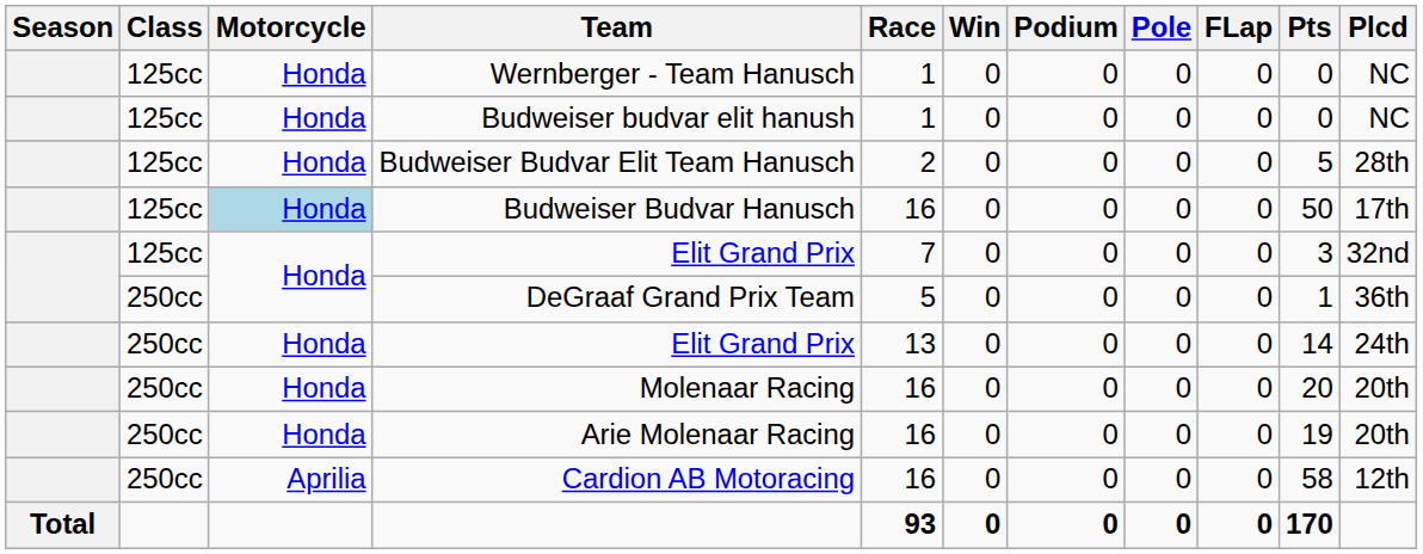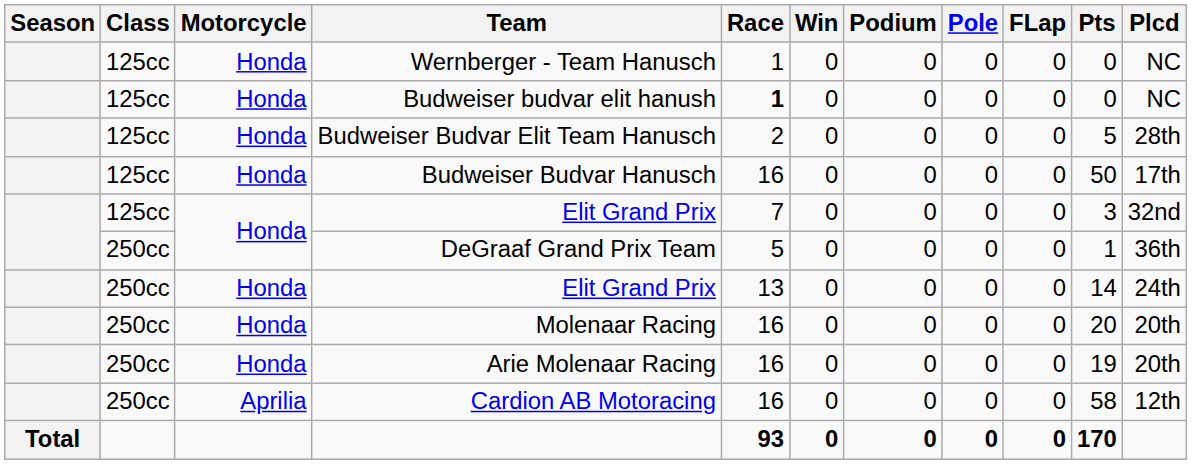 <table class="wikitable">
 <tr>
 <th>Season</th>
 <th>Class</th>
 <th>Motorcycle</th>
 <th>Team</th>
 <th>Race</th>
 <th>Win</th>
 <th>Podium</th>
 <th><a href='#'>Pole</a></th>
 <th>FLap</th>
 <th>Pts</th>
 <th>Plcd</th>
 </tr>
 <tr align="right">
 <th></th>
 <td>125cc</td>
 <td><a href='#'>Honda</a></td>
 <td>Wernberger - Team Hanusch</td>
 <td>1</td>
 <td>0</td>
 <td>0</td>
 <td>0</td>
 <td>0</td>
 <td>0</td>
 <td>NC</td>
 </tr>
 <tr align="right">
 <th></th>
 <td>125cc</td>
 <td><a href='#'>Honda</a></td>
 <td>Budweiser budvar elit hanush</td>
-<td>1</td>
+<td><strong>1</strong></td>
 <td>0</td>
 <td>0</td>
 <td>0</td>
 <td>0</td>
 <td>0</td>
 <td>NC</td>
 </tr>
 <tr align="right">
 <th></th>
 <td>125cc</td>
 <td><a href='#'>Honda</a></td>
 <td>Budweiser Budvar Elit Team Hanusch</td>
 <td>2</td>
 <td>0</td>
 <td>0</td>
 <td>0</td>
 <td>0</td>
 <td>5</td>
 <td>28th</td>
 </tr>
 <tr align="right">
 <th></th>
 <td>125cc</td>
-<td style="background: lightblue;"><a href='#'>Honda</a></td>
+<td><a href='#'>Honda</a></td>
 <td>Budweiser Budvar Hanusch</td>
 <td>16</td>
 <td>0</td>
 <td>0</td>
 <td>0</td>
 <td>0</td>
 <td>50</td>
 <td>17th</td>
 </tr>
 <tr align="right">
 <th rowspan=2></th>
 <td>125cc</td>
 <td rowspan=2><a href='#'>Honda</a></td>
 <td><a href='#'>Elit Grand Prix</a></td>
 <td>7</td>
 <td>0</td>
 <td>0</td>
 <td>0</td>
 <td>0</td>
 <td>3</td>
 <td>32nd</td>
 </tr>
 <tr align="right">
 <td>250cc</td>
 <td>DeGraaf Grand Prix Team</td>
 <td>5</td>
 <td>0</td>
 <td>0</td>
 <td>0</td>
 <td>0</td>
 <td>1</td>
 <td>36th</td>
 </tr>
 <tr align="right">
 <th></th>
 <td>250cc</td>
 <td><a href='#'>Honda</a></td>
 <td><a href='#'>Elit Grand Prix</a></td>
 <td>13</td>
 <td>0</td>
 <td>0</td>
 <td>0</td>
 <td>0</td>
 <td>14</td>
 <td>24th</td>
 </tr>
 <tr align="right">
 <th></th>
 <td>250cc</td>
 <td><a href='#'>Honda</a></td>
 <td>Molenaar Racing</td>
 <td>16</td>
 <td>0</td>
 <td>0</td>
 <td>0</td>
 <td>0</td>
 <td>20</td>
 <td>20th</td>
 </tr>
 <tr align="right">
 <th></th>
 <td>250cc</td>
 <td><a href='#'>Honda</a></td>
 <td>Arie Molenaar Racing</td>
 <td>16</td>
 <td>0</td>
 <td>0</td>
 <td>0</td>
 <td>0</td>
 <td>19</td>
 <td>20th</td>
 </tr>
 <tr align="right">
 <th></th>
 <td>250cc</td>
 <td><a href='#'>Aprilia</a></td>
 <td><a href='#'>Cardion AB Motoracing</a></td>
 <td>16</td>
 <td>0</td>
 <td>0</td>
 <td>0</td>
 <td>0</td>
 <td>58</td>
 <td>12th</td>
 </tr>
 <tr align="right">
 <th>Total</th>
 <td></td>
 <td></td>
 <td></td>
 <td><strong>93</strong></td>
 <td><strong>0</strong></td>
 <td><strong>0</strong></td>
 <td><strong>0</strong></td>
 <td><strong>0</strong></td>
 <td><strong>170</strong></td>
 <td></td>
 </tr>
 </table>
